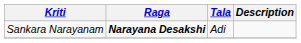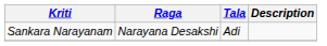 <table class="wikitable">
 <tr>
 <th><em><a href='#'>Kriti</a></em></th>
 <th><em><a href='#'>Raga</a></em></th>
 <th><em><a href='#'>Tala</a></em></th>
 <th><em>Description</em></th>
 </tr>
 <tr>
 <td><em>Sankara Narayanam</em></td>
-<td><strong><em>Narayana Desakshi</em></strong></td>
+<td><em>Narayana Desakshi</em></td>
 <td><em>Adi</em></td>
 <td></td>
 </tr>
 <tr>
 </tr>
 </table>
